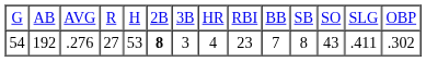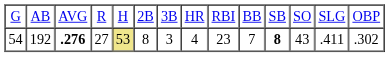 <table cellpadding=3 cellspacing=0 border=1 width=400>
 <tr align=center>
 <td><a href='#'>G</a></td>
 <td><a href='#'>AB</a></td>
 <td><a href='#'>AVG</a></td>
 <td><a href='#'>R</a></td>
 <td><a href='#'>H</a></td>
 <td><a href='#'>2B</a></td>
 <td><a href='#'>3B</a></td>
 <td><a href='#'>HR</a></td>
 <td><a href='#'>RBI</a></td>
 <td><a href='#'>BB</a></td>
 <td><a href='#'>SB</a></td>
 <td><a href='#'>SO</a></td>
 <td><a href='#'>SLG</a></td>
 <td><a href='#'>OBP</a></td>
 </tr>
 <tr align=center>
 <td>54</td>
 <td>192</td>
-<td>.276</td>
+<td><strong>.276</strong></td>
 <td>27</td>
-<td>53</td>
-<td><strong>8</strong></td>
+<td style="background: khaki;">53</td>
+<td>8</td>
 <td>3</td>
 <td>4</td>
 <td>23</td>
 <td>7</td>
-<td>8</td>
+<td><strong>8</strong></td>
 <td>43</td>
 <td>.411</td>
 <td>.302</td>
 </tr>
 </table>
